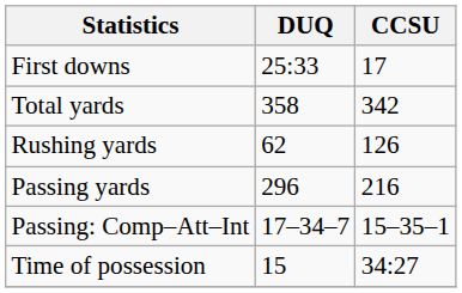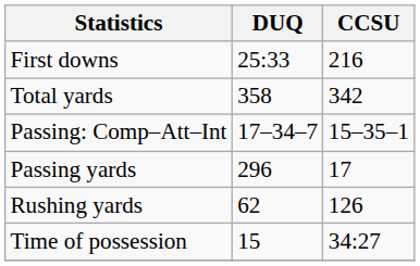 <table class="wikitable" style="float: left;">
 <tr>
 <th>Statistics</th>
 <th>DUQ</th>
 <th>CCSU</th>
 </tr>
 <tr>
 <td>First downs</td>
 <td>25:33</td>
-<td>17</td>
+<td>216</td>
 </tr>
 <tr>
 <td>Total yards</td>
 <td>358</td>
 <td>342</td>
 </tr>
 <tr>
-<td>Rushing yards</td>
-<td>62</td>
-<td>126</td>
+<td>Passing: Comp–Att–Int</td>
+<td>17–34–7</td>
+<td>15–35–1</td>
 </tr>
 <tr>
 <td>Passing yards</td>
 <td>296</td>
-<td>216</td>
+<td>17</td>
 </tr>
 <tr>
-<td>Passing: Comp–Att–Int</td>
-<td>17–34–7</td>
-<td>15–35–1</td>
+<td>Rushing yards</td>
+<td>62</td>
+<td>126</td>
 </tr>
 <tr>
 <td>Time of possession</td>
 <td>15</td>
 <td>34:27</td>
 </tr>
 <tr>
 </tr>
 </table>
